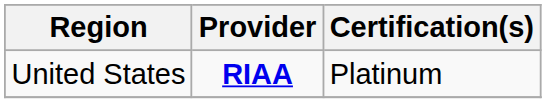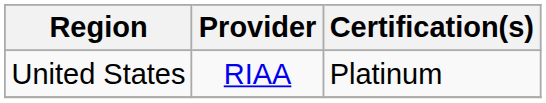 <table class="wikitable sortable">
 <tr>
 <th>Region</th>
 <th class="unsortable">Provider</th>
 <th class="unsortable">Certification(s)</th>
 </tr>
 <tr>
 <td>United States</td>
-<td style="text-align:center;"><strong><a href='#'>RIAA</a></strong></td>
+<td style="text-align:center;"><a href='#'>RIAA</a></td>
 <td>Platinum</td>
 </tr>
 <tr>
 </tr>
 </table>
